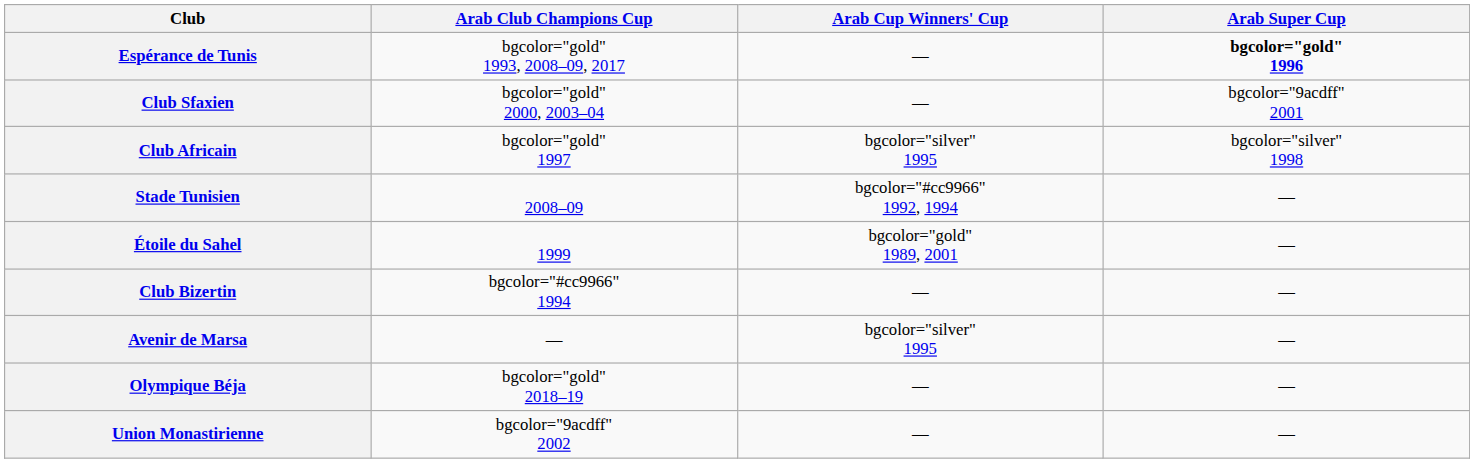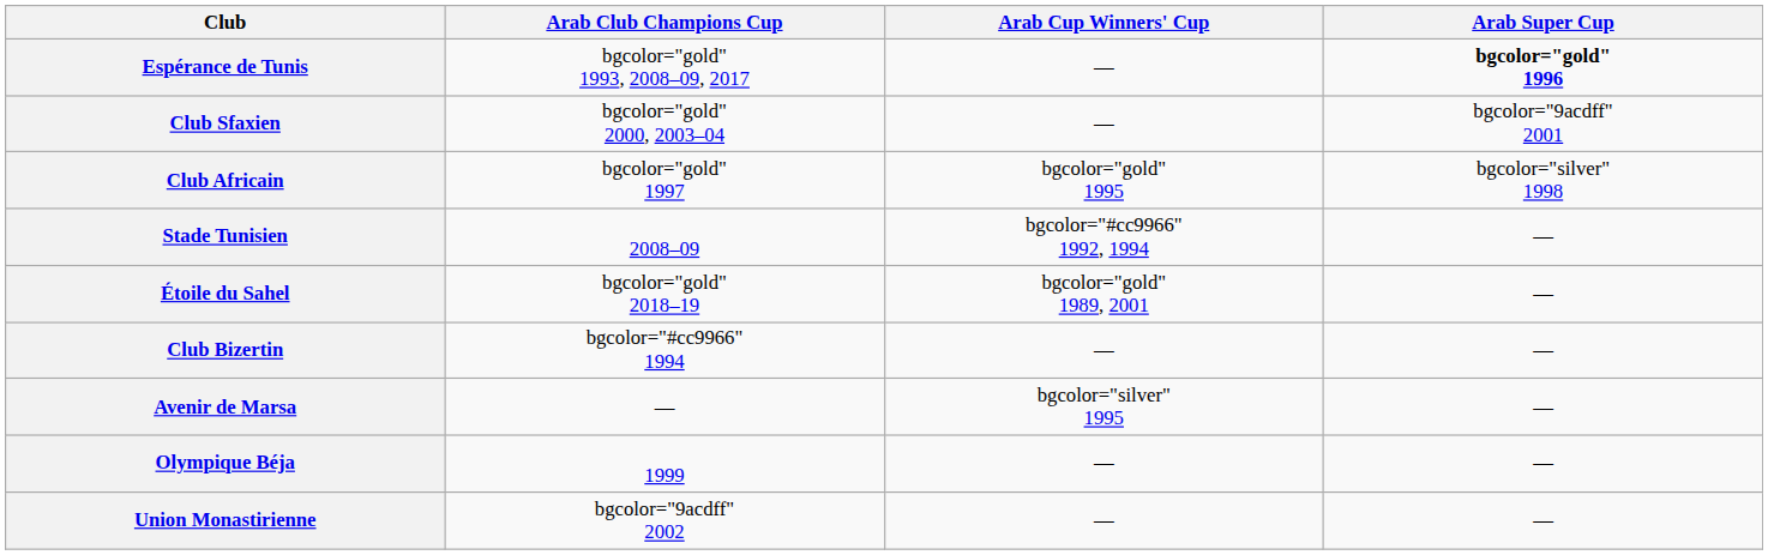 <table class="wikitable sortable" style="text-align:center; font-size:90%; width:100%">
 <tr>
 <th style="width:25%;">Club</th>
 <th style="width:25%;"><a href='#'>Arab Club Champions Cup</a></th>
 <th style="width:25%;"><a href='#'>Arab Cup Winners' Cup</a></th>
 <th style="width:25%;"><a href='#'>Arab Super Cup</a></th>
 </tr>
 <tr>
 <th><a href='#'>Espérance de Tunis</a></th>
 <td>bgcolor="gold" <br><a href='#'>1993</a>, <a href='#'>2008–09</a>, <a href='#'>2017</a></td>
 <td>—</td>
 <td><strong>bgcolor="gold" <br><a href='#'>1996</a></strong></td>
 </tr>
 <tr>
 <th><a href='#'>Club Sfaxien</a></th>
 <td>bgcolor="gold" <br><a href='#'>2000</a>, <a href='#'>2003–04</a></td>
 <td>—</td>
 <td>bgcolor="9acdff" <br><a href='#'>2001</a></td>
 </tr>
 <tr>
 <th><a href='#'>Club Africain</a></th>
 <td>bgcolor="gold" <br><a href='#'>1997</a></td>
-<td>bgcolor="silver" <br><a href='#'>1995</a></td>
+<td>bgcolor="gold" <br><a href='#'>1995</a></td>
 <td>bgcolor="silver" <br><a href='#'>1998</a></td>
 </tr>
 <tr>
 <th><a href='#'>Stade Tunisien</a></th>
 <td><br><a href='#'>2008–09</a></td>
 <td>bgcolor="#cc9966" <br><a href='#'>1992</a>, <a href='#'>1994</a></td>
 <td>—</td>
 </tr>
 <tr>
 <th><a href='#'>Étoile du Sahel</a></th>
-<td><br><a href='#'>1999</a></td>
+<td>bgcolor="gold" <br><a href='#'>2018–19</a></td>
 <td>bgcolor="gold" <br><a href='#'>1989</a>, <a href='#'>2001</a></td>
 <td>—</td>
 </tr>
 <tr>
 <th><a href='#'>Club Bizertin</a></th>
 <td>bgcolor="#cc9966" <br><a href='#'>1994</a></td>
 <td>—</td>
 <td>—</td>
 </tr>
 <tr>
 <th><a href='#'>Avenir de Marsa</a></th>
 <td>—</td>
 <td>bgcolor="silver" <br><a href='#'>1995</a></td>
 <td>—</td>
 </tr>
 <tr>
 <th><a href='#'>Olympique Béja</a></th>
-<td>bgcolor="gold" <br><a href='#'>2018–19</a></td>
+<td><br><a href='#'>1999</a></td>
 <td>—</td>
 <td>—</td>
 </tr>
 <tr>
 <th><a href='#'>Union Monastirienne</a></th>
 <td>bgcolor="9acdff" <br><a href='#'>2002</a></td>
 <td>—</td>
 <td>—</td>
 </tr>
 </table>
